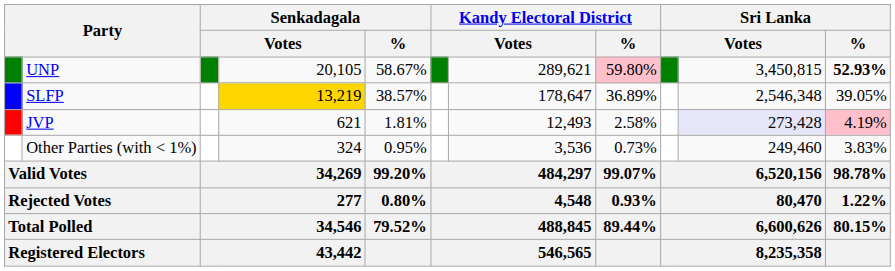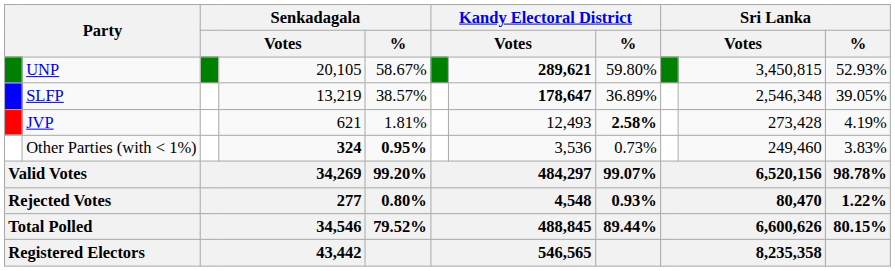 <table class="wikitable">
 <tr>
 <th colspan="2" width="144px"rowspan="2">Party</th>
 <th colspan="3" width="216px">Senkadagala</th>
 <th colspan="3" width="216px"><a href='#'>Kandy Electoral District</a></th>
 <th colspan="3" width="216px">Sri Lanka</th>
 </tr>
 <tr>
 <th colspan="2" width="144px">Votes</th>
 <th>%</th>
 <th colspan="2" width="144px">Votes</th>
 <th>%</th>
 <th colspan="2" width="144px">Votes</th>
 <th>%</th>
 </tr>
 <tr>
 <td style="background-color:green;" width="10px"></td>
 <td style="text-align:left;"><a href='#'>UNP</a></td>
 <td style="background-color:green;" width="10px"></td>
 <td style="text-align:right;">20,105</td>
 <td style="text-align:right;">58.67%</td>
 <td style="background-color:green;" width="10px"></td>
-<td style="text-align:right;">289,621</td>
-<td style="background: pink; text-align:right;">59.80%</td>
+<td style="text-align:right;"><strong>289,621</strong></td>
+<td style="text-align:right;">59.80%</td>
 <td style="background-color:green;" width="10px"></td>
 <td style="text-align:right;">3,450,815</td>
-<td style="text-align:right;"><strong>52.93%</strong></td>
+<td style="text-align:right;">52.93%</td>
 </tr>
 <tr>
 <td style="background-color:blue;" width="10px"></td>
 <td style="text-align:left;"><a href='#'>SLFP</a></td>
 <td style="background-color:white;" width="10px"></td>
-<td style="background: gold; text-align:right;">13,219</td>
+<td style="text-align:right;">13,219</td>
 <td style="text-align:right;">38.57%</td>
 <td style="background-color:white;" width="10px"></td>
-<td style="text-align:right;">178,647</td>
+<td style="text-align:right;"><strong>178,647</strong></td>
 <td style="text-align:right;">36.89%</td>
 <td style="background-color:white;" width="10px"></td>
 <td style="text-align:right;">2,546,348</td>
 <td style="text-align:right;">39.05%</td>
 </tr>
 <tr>
 <td style="background-color:red;" width="10px"></td>
 <td style="text-align:left;"><a href='#'>JVP</a></td>
 <td style="background-color:white;" width="10px"></td>
 <td style="text-align:right;">621</td>
 <td style="text-align:right;">1.81%</td>
 <td style="background-color:white;" width="10px"></td>
 <td style="text-align:right;">12,493</td>
-<td style="text-align:right;">2.58%</td>
+<td style="text-align:right;"><strong>2.58%</strong></td>
 <td style="background-color:white;" width="10px"></td>
-<td style="background: lavender; text-align:right;">273,428</td>
-<td style="background: pink; text-align:right;">4.19%</td>
+<td style="text-align:right;">273,428</td>
+<td style="text-align:right;">4.19%</td>
 </tr>
 <tr>
 <td style="background-color:white;" width="10px"></td>
 <td style="text-align:left;">Other Parties (with < 1%)</td>
 <td style="background-color:white;" width="10px"></td>
-<td style="text-align:right;">324</td>
-<td style="text-align:right;">0.95%</td>
+<td style="text-align:right;"><strong>324</strong></td>
+<td style="text-align:right;"><strong>0.95%</strong></td>
 <td style="background-color:white;" width="10px"></td>
 <td style="text-align:right;">3,536</td>
 <td style="text-align:right;">0.73%</td>
 <td style="background-color:white;" width="10px"></td>
 <td style="text-align:right;">249,460</td>
 <td style="text-align:right;">3.83%</td>
 </tr>
 <tr>
 <th colspan="2" width="144px"style="text-align:left;">Valid Votes</th>
 <th style="text-align:right;"colspan="2" width="144px">34,269</th>
 <th style="text-align:right;">99.20%</th>
 <th style="text-align:right;"colspan="2" width="144px">484,297</th>
 <th style="text-align:right;">99.07%</th>
 <th style="text-align:right;"colspan="2" width="144px">6,520,156</th>
 <th style="text-align:right;">98.78%</th>
 </tr>
 <tr>
 <th colspan="2" width="144px"style="text-align:left;">Rejected Votes</th>
 <th style="text-align:right;"colspan="2" width="144px">277</th>
 <th style="text-align:right;">0.80%</th>
 <th style="text-align:right;"colspan="2" width="144px">4,548</th>
 <th style="text-align:right;">0.93%</th>
 <th style="text-align:right;"colspan="2" width="144px">80,470</th>
 <th style="text-align:right;">1.22%</th>
 </tr>
 <tr>
 <th colspan="2" width="144px"style="text-align:left;">Total Polled</th>
 <th style="text-align:right;"colspan="2" width="144px">34,546</th>
 <th style="text-align:right;">79.52%</th>
 <th style="text-align:right;"colspan="2" width="144px">488,845</th>
 <th style="text-align:right;">89.44%</th>
 <th style="text-align:right;"colspan="2" width="144px">6,600,626</th>
 <th style="text-align:right;">80.15%</th>
 </tr>
 <tr>
 <th colspan="2" width="144px"style="text-align:left;">Registered Electors</th>
 <th style="text-align:right;"colspan="2" width="144px">43,442</th>
 <th></th>
 <th style="text-align:right;"colspan="2" width="144px">546,565</th>
 <th></th>
 <th style="text-align:right;"colspan="2" width="144px">8,235,358</th>
 <th></th>
 </tr>
 </table>
